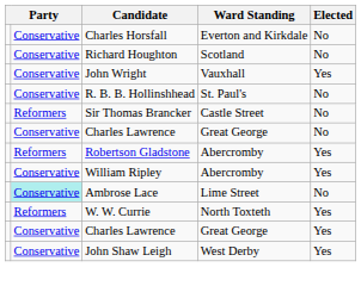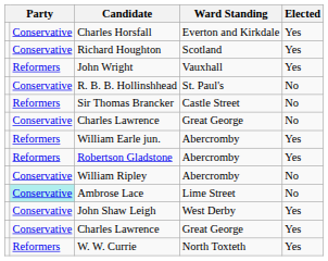 <table class="wikitable">
 <tr>
 <th colspan="2">Party</th>
 <th>Candidate</th>
 <th>Ward Standing</th>
 <th>Elected</th>
 </tr>
 <tr>
 <td style="background-color: "></td>
 <td><a href='#'>Conservative</a></td>
 <td>Charles Horsfall</td>
 <td>Everton and Kirkdale</td>
-<td>No</td>
+<td>Yes</td>
 </tr>
 <tr>
 <td style="background-color: "></td>
 <td><a href='#'>Conservative</a></td>
 <td>Richard Houghton</td>
 <td>Scotland</td>
-<td>No</td>
+<td>Yes</td>
 </tr>
 <tr>
 <td style="background-color: "></td>
-<td><a href='#'>Conservative</a></td>
+<td><a href='#'>Reformers</a></td>
 <td>John Wright</td>
 <td>Vauxhall</td>
 <td>Yes</td>
 </tr>
 <tr>
 <td style="background-color: "></td>
 <td><a href='#'>Conservative</a></td>
 <td>R. B. B. Hollinshhead</td>
 <td>St. Paul's</td>
 <td>No</td>
 </tr>
 <tr>
 <td style="background-color: "></td>
 <td><a href='#'>Reformers</a></td>
 <td>Sir Thomas Brancker</td>
 <td>Castle Street</td>
 <td>No</td>
 </tr>
 <tr>
 <td style="background-color: "></td>
 <td><a href='#'>Conservative</a></td>
 <td>Charles Lawrence</td>
 <td>Great George</td>
 <td>No</td>
 </tr>
 <tr>
 <td style="background-color: "></td>
 <td><a href='#'>Reformers</a></td>
+<td>William Earle jun.</td>
+<td>Abercromby</td>
+<td>Yes</td>
+</tr>
+<tr>
+<td style="background-color: "></td>
+<td><a href='#'>Reformers</a></td>
 <td><a href='#'>Robertson Gladstone</a></td>
 <td>Abercromby</td>
 <td>Yes</td>
 </tr>
 <tr>
 <td style="background-color: "></td>
 <td><a href='#'>Conservative</a></td>
 <td>William Ripley</td>
 <td>Abercromby</td>
-<td>Yes</td>
+<td>No</td>
 </tr>
 <tr>
 <td style="background-color: "></td>
 <td style="background: paleturquoise;"><a href='#'>Conservative</a></td>
 <td>Ambrose Lace</td>
 <td>Lime Street</td>
 <td>No</td>
 </tr>
 <tr>
 <td style="background-color: "></td>
-<td><a href='#'>Reformers</a></td>
-<td>W. W. Currie</td>
-<td>North Toxteth</td>
+<td><a href='#'>Conservative</a></td>
+<td>John Shaw Leigh</td>
+<td>West Derby</td>
 <td>Yes</td>
 </tr>
 <tr>
 <td style="background-color: "></td>
 <td><a href='#'>Conservative</a></td>
 <td>Charles Lawrence</td>
 <td>Great George</td>
 <td>Yes</td>
 </tr>
 <tr>
 <td style="background-color: "></td>
-<td><a href='#'>Conservative</a></td>
-<td>John Shaw Leigh</td>
-<td>West Derby</td>
+<td><a href='#'>Reformers</a></td>
+<td>W. W. Currie</td>
+<td>North Toxteth</td>
 <td>Yes</td>
 </tr>
 </table>
